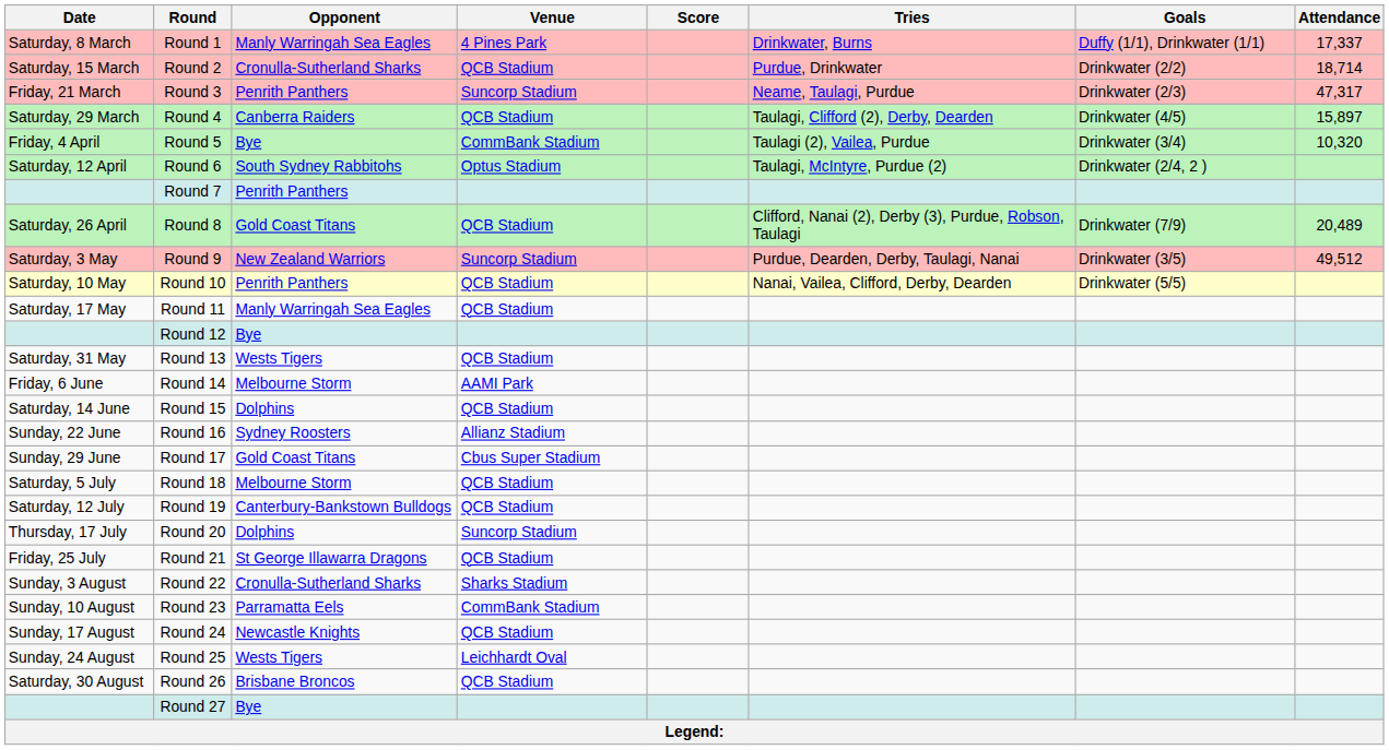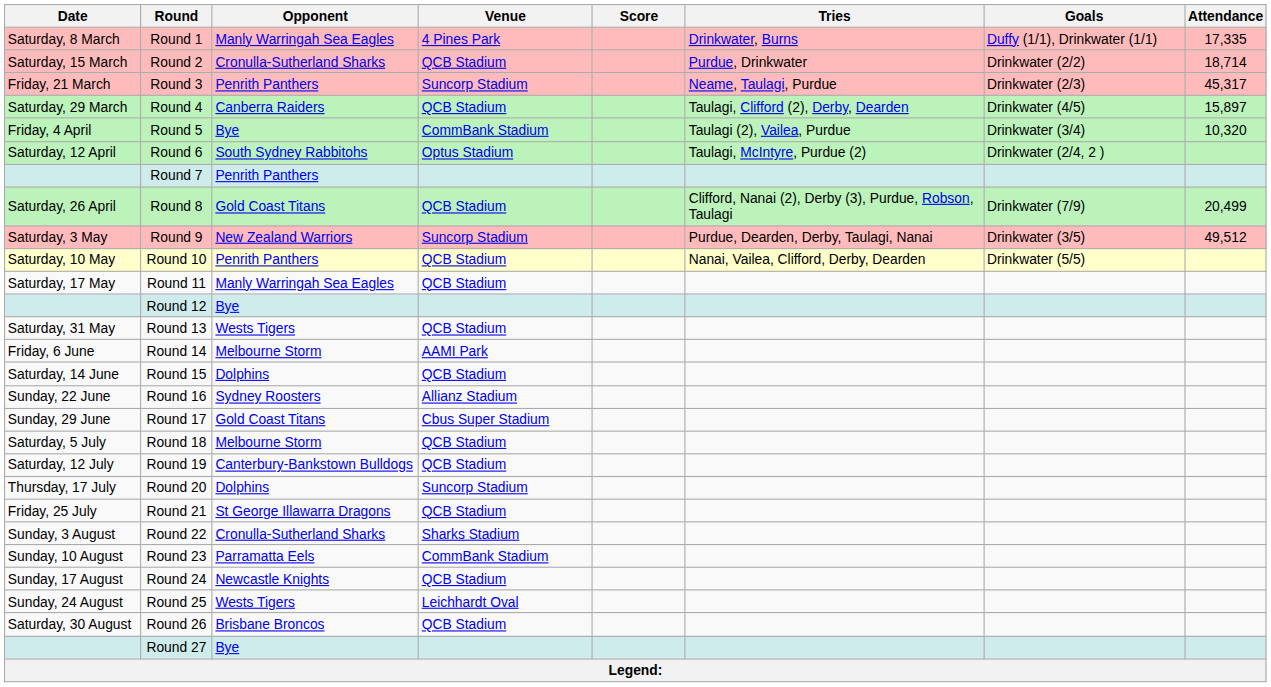 <table class="wikitable" style="font-size:80%;">
 <tr>
 <th style="width:120px;">Date</th>
 <th style="width:60px;">Round</th>
 <th style="width:185px;">Opponent</th>
 <th style="width:155px;">Venue</th>
 <th style="width:80px;">Score</th>
 <th style="width:270px;">Tries</th>
 <th style="width:180px;">Goals</th>
 <th style="width:60px;">Attendance</th>
 </tr>
 <tr style="background:#FFBBBB">
 <td>Saturday, 8 March</td>
 <td style="text-align:center;">Round 1</td>
 <td> <a href='#'>Manly Warringah Sea Eagles</a></td>
 <td><a href='#'>4 Pines Park</a></td>
 <td style="text-align:center;"></td>
 <td><a href='#'>Drinkwater</a>, <a href='#'>Burns</a></td>
 <td><a href='#'>Duffy</a> (1/1), Drinkwater (1/1)</td>
-<td style="text-align:center;">17,337</td>
+<td style="text-align:center;">17,335</td>
 </tr>
 <tr style="background:#FFBBBB">
 <td>Saturday, 15 March</td>
 <td style="text-align:center;">Round 2</td>
 <td> <a href='#'>Cronulla-Sutherland Sharks</a></td>
 <td><a href='#'>QCB Stadium</a></td>
 <td style="text-align:center;"></td>
 <td><a href='#'>Purdue</a>, Drinkwater</td>
 <td>Drinkwater (2/2)</td>
 <td style="text-align:center;">18,714</td>
 </tr>
 <tr style="background:#FFBBBB">
 <td>Friday, 21 March</td>
 <td style="text-align:center;">Round 3</td>
 <td> <a href='#'>Penrith Panthers</a></td>
 <td><a href='#'>Suncorp Stadium</a></td>
 <td style="text-align:center;"></td>
 <td><a href='#'>Neame</a>, <a href='#'>Taulagi</a>, Purdue</td>
 <td>Drinkwater (2/3)</td>
-<td style="text-align:center;">47,317</td>
+<td style="text-align:center;">45,317</td>
 </tr>
 <tr style="background:#BBF3BB">
 <td>Saturday, 29 March</td>
 <td style="text-align:center;">Round 4</td>
 <td> <a href='#'>Canberra Raiders</a></td>
 <td><a href='#'>QCB Stadium</a></td>
 <td style="text-align:center;"></td>
 <td>Taulagi, <a href='#'>Clifford</a> (2), <a href='#'>Derby</a>, <a href='#'>Dearden</a></td>
 <td>Drinkwater (4/5)</td>
 <td style="text-align:center;">15,897</td>
 </tr>
 <tr style="background:#BBF3BB">
 <td>Friday, 4 April</td>
 <td style="text-align:center;">Round 5</td>
 <td><a href='#'>Bye</a></td>
 <td><a href='#'>CommBank Stadium</a></td>
 <td style="text-align:center;"></td>
 <td>Taulagi (2), <a href='#'>Vailea</a>, Purdue</td>
 <td>Drinkwater (3/4)</td>
 <td style="text-align:center;">10,320</td>
 </tr>
 <tr style="background:#BBF3BB">
 <td>Saturday, 12 April</td>
 <td style="text-align:center;">Round 6</td>
 <td> <a href='#'>South Sydney Rabbitohs</a></td>
 <td><a href='#'>Optus Stadium</a></td>
 <td style="text-align:center;"></td>
 <td>Taulagi, <a href='#'>McIntyre</a>, Purdue (2)</td>
 <td>Drinkwater (2/4, 2 )</td>
 <td style="text-align:center;"></td>
 </tr>
 <tr style="background:#cfecec;">
 <td></td>
 <td style="text-align:center;">Round 7</td>
 <td> <a href='#'>Penrith Panthers</a></td>
 <td></td>
 <td></td>
 <td></td>
 <td></td>
 <td></td>
 </tr>
 <tr style="background:#BBF3BB">
 <td>Saturday, 26 April</td>
 <td style="text-align:center;">Round 8</td>
 <td> <a href='#'>Gold Coast Titans</a></td>
 <td><a href='#'>QCB Stadium</a></td>
 <td style="text-align:center;"></td>
 <td>Clifford, Nanai (2), Derby (3), Purdue, <a href='#'>Robson</a>, Taulagi</td>
 <td>Drinkwater (7/9)</td>
-<td style="text-align:center;">20,489</td>
+<td style="text-align:center;">20,499</td>
 </tr>
 <tr style="background:#FFBBBB">
 <td>Saturday, 3 May</td>
 <td style="text-align:center;">Round 9</td>
 <td> <a href='#'>New Zealand Warriors</a></td>
 <td><a href='#'>Suncorp Stadium</a></td>
 <td style="text-align:center;"></td>
 <td>Purdue, Dearden, Derby, Taulagi, Nanai</td>
 <td>Drinkwater (3/5)</td>
 <td style="text-align:center;">49,512</td>
 </tr>
 <tr style="background:#FFFFCC">
 <td>Saturday, 10 May</td>
 <td style="text-align:center;">Round 10</td>
 <td> <a href='#'>Penrith Panthers</a></td>
 <td><a href='#'>QCB Stadium</a></td>
 <td style="text-align:center;"></td>
 <td>Nanai, Vailea, Clifford, Derby, Dearden</td>
 <td>Drinkwater (5/5)</td>
 <td style="text-align:center;"></td>
 </tr>
 <tr style="background:">
 <td>Saturday, 17 May</td>
 <td style="text-align:center;">Round 11</td>
 <td> <a href='#'>Manly Warringah Sea Eagles</a></td>
 <td><a href='#'>QCB Stadium</a></td>
 <td style="text-align:center;"></td>
 <td></td>
 <td></td>
 <td style="text-align:center;"></td>
 </tr>
 <tr style="background:#cfecec;">
 <td></td>
 <td style="text-align:center;">Round 12</td>
 <td><a href='#'>Bye</a></td>
 <td></td>
 <td></td>
 <td></td>
 <td></td>
 <td></td>
 </tr>
 <tr style="background:">
 <td>Saturday, 31 May</td>
 <td style="text-align:center;">Round 13</td>
 <td> <a href='#'>Wests Tigers</a></td>
 <td><a href='#'>QCB Stadium</a></td>
 <td style="text-align:center;"></td>
 <td></td>
 <td></td>
 <td style="text-align:center;"></td>
 </tr>
 <tr style="background:">
 <td>Friday, 6 June</td>
 <td style="text-align:center;">Round 14</td>
 <td> <a href='#'>Melbourne Storm</a></td>
 <td><a href='#'>AAMI Park</a></td>
 <td style="text-align:center;"></td>
 <td></td>
 <td></td>
 <td style="text-align:center;"></td>
 </tr>
 <tr style="background:">
 <td>Saturday, 14 June</td>
 <td style="text-align:center;">Round 15</td>
 <td> <a href='#'>Dolphins</a></td>
 <td><a href='#'>QCB Stadium</a></td>
 <td style="text-align:center;"></td>
 <td></td>
 <td></td>
 <td style="text-align:center;"></td>
 </tr>
 <tr style="background:">
 <td>Sunday, 22 June</td>
 <td style="text-align:center;">Round 16</td>
 <td> <a href='#'>Sydney Roosters</a></td>
 <td><a href='#'>Allianz Stadium</a></td>
 <td style="text-align:center;"></td>
 <td></td>
 <td></td>
 <td style="text-align:center;"></td>
 </tr>
 <tr style="background:">
 <td>Sunday, 29 June</td>
 <td style="text-align:center;">Round 17</td>
 <td> <a href='#'>Gold Coast Titans</a></td>
 <td><a href='#'>Cbus Super Stadium</a></td>
 <td style="text-align:center;"></td>
 <td></td>
 <td></td>
 <td style="text-align:center;"></td>
 </tr>
 <tr style="background:">
 <td>Saturday, 5 July</td>
 <td style="text-align:center;">Round 18</td>
 <td> <a href='#'>Melbourne Storm</a></td>
 <td><a href='#'>QCB Stadium</a></td>
 <td style="text-align:center;"></td>
 <td></td>
 <td></td>
 <td style="text-align:center;"></td>
 </tr>
 <tr style="background:">
 <td>Saturday, 12 July</td>
 <td style="text-align:center;">Round 19</td>
 <td> <a href='#'>Canterbury-Bankstown Bulldogs</a></td>
 <td><a href='#'>QCB Stadium</a></td>
 <td style="text-align:center;"></td>
 <td></td>
 <td></td>
 <td style="text-align:center;"></td>
 </tr>
 <tr style="background:">
 <td>Thursday, 17 July</td>
 <td style="text-align:center;">Round 20</td>
 <td> <a href='#'>Dolphins</a></td>
 <td><a href='#'>Suncorp Stadium</a></td>
 <td style="text-align:center;"></td>
 <td></td>
 <td></td>
 <td style="text-align:center;"></td>
 </tr>
 <tr style="background:">
 <td>Friday, 25 July</td>
 <td style="text-align:center;">Round 21</td>
 <td> <a href='#'>St George Illawarra Dragons</a></td>
 <td><a href='#'>QCB Stadium</a></td>
 <td style="text-align:center;"></td>
 <td></td>
 <td></td>
 <td style="text-align:center;"></td>
 </tr>
 <tr style="background:">
 <td>Sunday, 3 August</td>
 <td style="text-align:center;">Round 22</td>
 <td> <a href='#'>Cronulla-Sutherland Sharks</a></td>
 <td><a href='#'>Sharks Stadium</a></td>
 <td style="text-align:center;"></td>
 <td></td>
 <td></td>
 <td style="text-align:center;"></td>
 </tr>
 <tr style="background:">
 <td>Sunday, 10 August</td>
 <td style="text-align:center;">Round 23</td>
 <td> <a href='#'>Parramatta Eels</a></td>
 <td><a href='#'>CommBank Stadium</a></td>
 <td style="text-align:center;"></td>
 <td></td>
 <td></td>
 <td style="text-align:center;"></td>
 </tr>
 <tr style="background:">
 <td>Sunday, 17 August</td>
 <td style="text-align:center;">Round 24</td>
 <td> <a href='#'>Newcastle Knights</a></td>
 <td><a href='#'>QCB Stadium</a></td>
 <td style="text-align:center;"></td>
 <td></td>
 <td></td>
 <td style="text-align:center;"></td>
 </tr>
 <tr style="background:">
 <td>Sunday, 24 August</td>
 <td style="text-align:center;">Round 25</td>
 <td> <a href='#'>Wests Tigers</a></td>
 <td><a href='#'>Leichhardt Oval</a></td>
 <td style="text-align:center;"></td>
 <td></td>
 <td></td>
 <td style="text-align:center;"></td>
 </tr>
 <tr style="background:">
 <td>Saturday, 30 August</td>
 <td style="text-align:center;">Round 26</td>
 <td> <a href='#'>Brisbane Broncos</a></td>
 <td><a href='#'>QCB Stadium</a></td>
 <td style="text-align:center;"></td>
 <td></td>
 <td></td>
 <td style="text-align:center;"></td>
 </tr>
 <tr style="background:#cfecec;">
 <td></td>
 <td style="text-align:center;">Round 27</td>
 <td><a href='#'>Bye</a></td>
 <td></td>
 <td></td>
 <td></td>
 <td></td>
 <td></td>
 </tr>
 <tr>
 <th colspan="11"><strong>Legend</strong>:    </th>
 </tr>
 </table>
